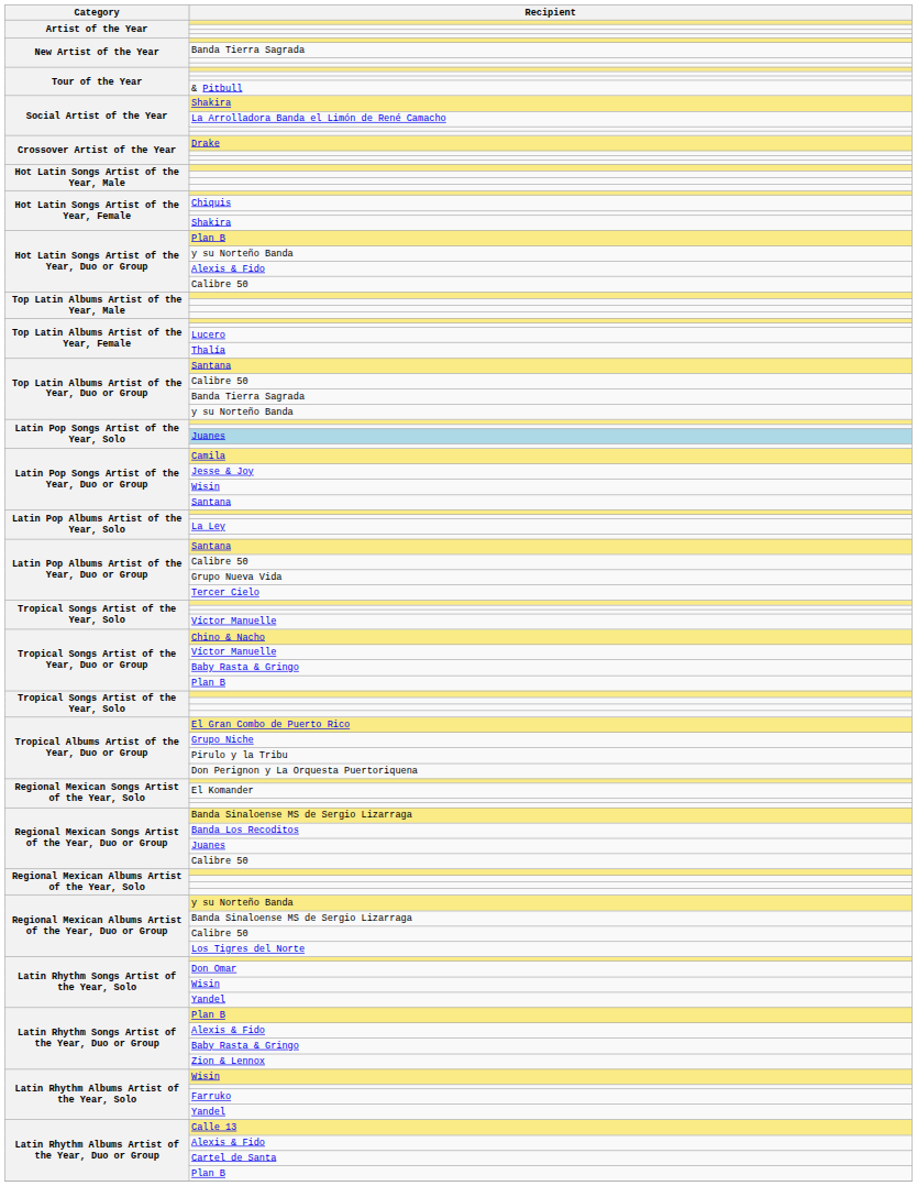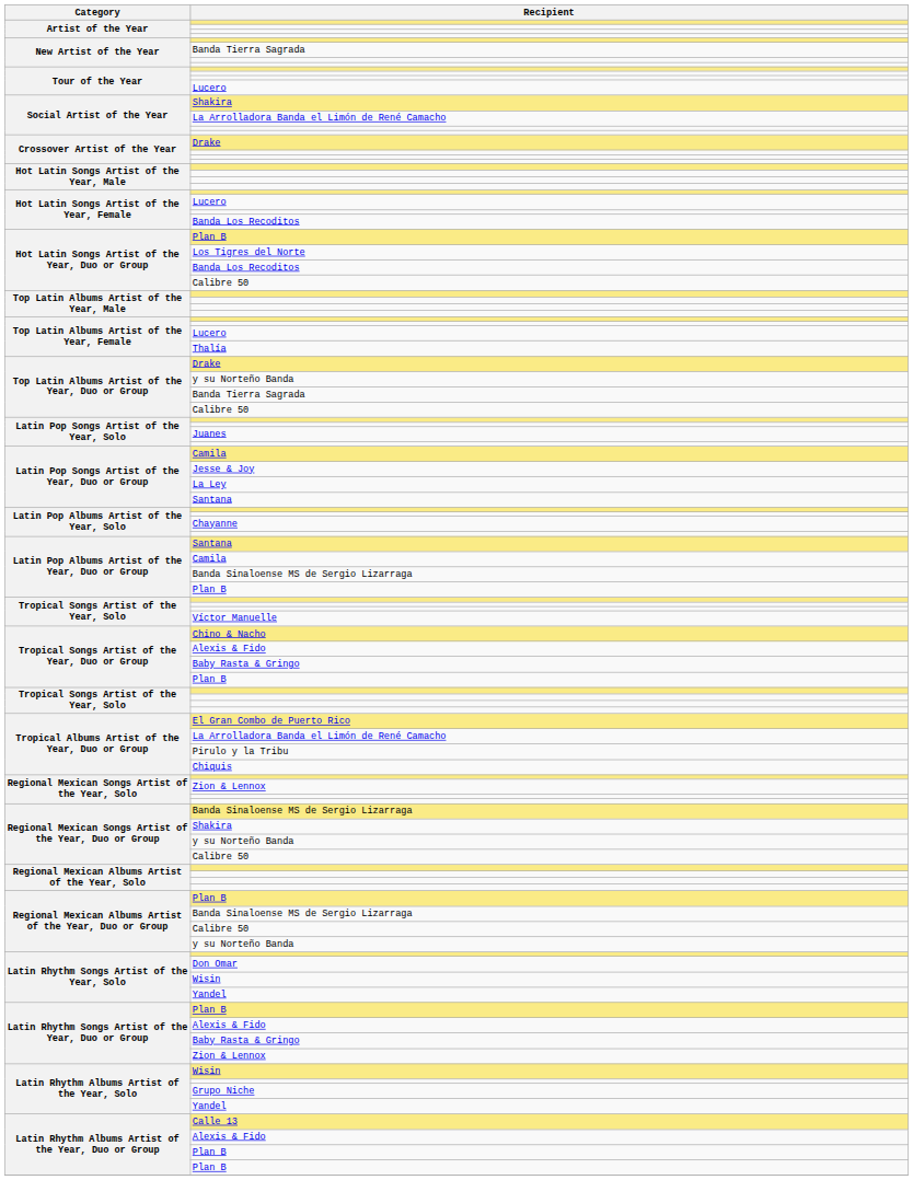 <table class="wikitable sortable">
 <tr style="background:#bebebe;">
 <th scope="col" style="width:1%;">Category</th>
 <th scope="col" style="width:5%;">Recipient</th>
 </tr>
 <tr>
 <th scope="row" rowspan=4 style="text-align:center">Artist of the Year</th>
 <td style="background:#FAEB86"></td>
 </tr>
 <tr>
 <td></td>
 </tr>
 <tr>
 <td></td>
 </tr>
 <tr>
 <td></td>
 </tr>
 <tr>
 <th scope="row" rowspan=4 style="text-align:center">New Artist of the Year</th>
 <td style="background:#FAEB86"></td>
 </tr>
 <tr>
 <td>Banda Tierra Sagrada</td>
 </tr>
 <tr>
 <td></td>
 </tr>
 <tr>
 <td></td>
 </tr>
 <tr>
 <th scope="row" rowspan=4 style="text-align:center">Tour of the Year</th>
 <td style="background:#FAEB86"></td>
 </tr>
 <tr>
 <td></td>
 </tr>
 <tr>
 <td></td>
 </tr>
 <tr>
-<td> & <a href='#'>Pitbull</a></td>
+<td><a href='#'>Lucero</a></td>
 </tr>
 <tr>
 <th scope="row" rowspan=4 style="text-align:center">Social Artist of the Year</th>
 <td style="background:#FAEB86"><a href='#'>Shakira</a></td>
 </tr>
 <tr>
 <td><a href='#'>La Arrolladora Banda el Limón de René Camacho</a></td>
 </tr>
 <tr>
 <td></td>
 </tr>
 <tr>
 <td></td>
 </tr>
 <tr>
 <th scope="row" rowspan=4 style="text-align:center">Crossover Artist of the Year</th>
 <td style="background:#FAEB86"><a href='#'>Drake</a></td>
 </tr>
 <tr>
 <td></td>
 </tr>
 <tr>
 <td></td>
 </tr>
 <tr>
 <td></td>
 </tr>
 <tr>
 <th scope="row" rowspan=4 style="text-align:center">Hot Latin Songs Artist of the Year, Male</th>
 <td style="background:#FAEB86"></td>
 </tr>
 <tr>
 <td></td>
 </tr>
 <tr>
 <td></td>
 </tr>
 <tr>
 <td></td>
 </tr>
 <tr>
 <th scope="row" rowspan=4 style="text-align:center">Hot Latin Songs Artist of the Year, Female</th>
 <td style="background:#FAEB86"></td>
 </tr>
 <tr>
-<td><a href='#'>Chiquis</a></td>
+<td><a href='#'>Lucero</a></td>
 </tr>
 <tr>
 <td></td>
 </tr>
 <tr>
-<td><a href='#'>Shakira</a></td>
+<td><a href='#'>Banda Los Recoditos</a></td>
 </tr>
 <tr>
 <th scope="row" rowspan=4 style="text-align:center">Hot Latin Songs Artist of the Year, Duo or Group</th>
 <td style="background:#FAEB86"><a href='#'>Plan B</a></td>
 </tr>
 <tr>
-<td> y su Norteño Banda</td>
+<td><a href='#'>Los Tigres del Norte</a></td>
 </tr>
 <tr>
-<td><a href='#'>Alexis & Fido</a></td>
+<td><a href='#'>Banda Los Recoditos</a></td>
 </tr>
 <tr>
 <td>Calibre 50</td>
 </tr>
 <tr>
 <th scope="row" rowspan=4 style="text-align:center">Top Latin Albums Artist of the Year, Male</th>
 <td style="background:#FAEB86"></td>
 </tr>
 <tr>
 <td></td>
 </tr>
 <tr>
 <td></td>
 </tr>
 <tr>
 <td></td>
 </tr>
 <tr>
 <th scope="row" rowspan=4 style="text-align:center">Top Latin Albums Artist of the Year, Female</th>
 <td style="background:#FAEB86"></td>
 </tr>
 <tr>
 <td></td>
 </tr>
 <tr>
 <td><a href='#'>Lucero</a></td>
 </tr>
 <tr>
 <td><a href='#'>Thalía</a></td>
 </tr>
 <tr>
 <th scope="row" rowspan=4 style="text-align:center">Top Latin Albums Artist of the Year, Duo or Group</th>
-<td style="background:#FAEB86"><a href='#'>Santana</a></td>
+<td style="background:#FAEB86"><a href='#'>Drake</a></td>
 </tr>
 <tr>
-<td>Calibre 50</td>
+<td> y su Norteño Banda</td>
 </tr>
 <tr>
 <td>Banda Tierra Sagrada</td>
 </tr>
 <tr>
-<td> y su Norteño Banda</td>
+<td>Calibre 50</td>
 </tr>
 <tr>
 <th scope="row" rowspan=4 style="text-align:center">Latin Pop Songs Artist of the Year, Solo</th>
 <td style="background:#FAEB86"></td>
 </tr>
 <tr>
 <td></td>
 </tr>
 <tr>
-<td style="background: lightblue;"><a href='#'>Juanes</a></td>
+<td><a href='#'>Juanes</a></td>
 </tr>
 <tr>
 <td></td>
 </tr>
 <tr>
 <th scope="row" rowspan=4 style="text-align:center">Latin Pop Songs Artist of the Year, Duo or Group</th>
 <td style="background:#FAEB86"><a href='#'>Camila</a></td>
 </tr>
 <tr>
 <td><a href='#'>Jesse & Joy</a></td>
 </tr>
 <tr>
-<td><a href='#'>Wisin</a></td>
+<td><a href='#'>La Ley</a></td>
 </tr>
 <tr>
 <td><a href='#'>Santana</a></td>
 </tr>
 <tr>
 <th scope="row" rowspan=4 style="text-align:center">Latin Pop Albums Artist of the Year, Solo</th>
 <td style="background:#FAEB86"></td>
 </tr>
 <tr>
 <td></td>
 </tr>
 <tr>
-<td><a href='#'>La Ley</a></td>
+<td><a href='#'>Chayanne</a></td>
 </tr>
 <tr>
 <td></td>
 </tr>
 <tr>
 <th scope="row" rowspan=4 style="text-align:center">Latin Pop Albums Artist of the Year, Duo or Group</th>
 <td style="background:#FAEB86"><a href='#'>Santana</a></td>
 </tr>
 <tr>
-<td>Calibre 50</td>
+<td><a href='#'>Camila</a></td>
 </tr>
 <tr>
-<td>Grupo Nueva Vida</td>
+<td>Banda Sinaloense MS de Sergio Lizarraga</td>
 </tr>
 <tr>
-<td><a href='#'>Tercer Cielo</a></td>
+<td><a href='#'>Plan B</a></td>
 </tr>
 <tr>
 <th scope="row" rowspan=4 style="text-align:center">Tropical Songs Artist of the Year, Solo</th>
 <td style="background:#FAEB86"></td>
 </tr>
 <tr>
 <td></td>
 </tr>
 <tr>
 <td></td>
 </tr>
 <tr>
 <td><a href='#'>Víctor Manuelle</a></td>
 </tr>
 <tr>
 <th scope="row" rowspan=4 style="text-align:center">Tropical Songs Artist of the Year, Duo or Group</th>
 <td style="background:#FAEB86"><a href='#'>Chino & Nacho</a></td>
 </tr>
 <tr>
-<td><a href='#'>Víctor Manuelle</a></td>
+<td><a href='#'>Alexis & Fido</a></td>
 </tr>
 <tr>
 <td><a href='#'>Baby Rasta & Gringo</a></td>
 </tr>
 <tr>
 <td><a href='#'>Plan B</a></td>
 </tr>
 <tr>
 <th scope="row" rowspan=4 style="text-align:center">Tropical Songs Artist of the Year, Solo</th>
 <td style="background:#FAEB86"></td>
 </tr>
 <tr>
 <td></td>
 </tr>
 <tr>
 <td></td>
 </tr>
 <tr>
 <td></td>
 </tr>
 <tr>
 <th scope="row" rowspan=4 style="text-align:center">Tropical Albums Artist of the Year, Duo or Group</th>
 <td style="background:#FAEB86"><a href='#'>El Gran Combo de Puerto Rico</a></td>
 </tr>
 <tr>
-<td><a href='#'>Grupo Niche</a></td>
+<td><a href='#'>La Arrolladora Banda el Limón de René Camacho</a></td>
 </tr>
 <tr>
 <td>Pirulo y la Tribu</td>
 </tr>
 <tr>
-<td>Don Perignon y La Orquesta Puertoriquena</td>
+<td><a href='#'>Chiquis</a></td>
 </tr>
 <tr>
 <th scope="row" rowspan=4 style="text-align:center">Regional Mexican Songs Artist of the Year, Solo</th>
 <td style="background:#FAEB86"></td>
 </tr>
 <tr>
-<td>El Komander</td>
+<td><a href='#'>Zion & Lennox</a></td>
 </tr>
 <tr>
 <td></td>
 </tr>
 <tr>
 <td></td>
 </tr>
 <tr>
 <th scope="row" rowspan=4 style="text-align:center">Regional Mexican Songs Artist of the Year, Duo or Group</th>
 <td style="background:#FAEB86">Banda Sinaloense MS de Sergio Lizarraga</td>
 </tr>
 <tr>
-<td><a href='#'>Banda Los Recoditos</a></td>
+<td><a href='#'>Shakira</a></td>
 </tr>
 <tr>
-<td><a href='#'>Juanes</a></td>
+<td> y su Norteño Banda</td>
 </tr>
 <tr>
 <td>Calibre 50</td>
 </tr>
 <tr>
 <th scope="row" rowspan=4 style="text-align:center">Regional Mexican Albums Artist of the Year, Solo</th>
 <td style="background:#FAEB86"></td>
 </tr>
 <tr>
 <td></td>
 </tr>
 <tr>
 <td></td>
 </tr>
 <tr>
 <td></td>
 </tr>
 <tr>
 <th scope="row" rowspan=4 style="text-align:center">Regional Mexican Albums Artist of the Year, Duo or Group</th>
-<td style="background:#FAEB86"> y su Norteño Banda</td>
+<td style="background:#FAEB86"><a href='#'>Plan B</a></td>
 </tr>
 <tr>
 <td>Banda Sinaloense MS de Sergio Lizarraga</td>
 </tr>
 <tr>
 <td>Calibre 50</td>
 </tr>
 <tr>
-<td><a href='#'>Los Tigres del Norte</a></td>
+<td> y su Norteño Banda</td>
 </tr>
 <tr>
 <th scope="row" rowspan=4 style="text-align:center">Latin Rhythm Songs Artist of the Year, Solo</th>
 <td style="background:#FAEB86"></td>
 </tr>
 <tr>
 <td><a href='#'>Don Omar</a></td>
 </tr>
 <tr>
 <td><a href='#'>Wisin</a></td>
 </tr>
 <tr>
 <td><a href='#'>Yandel</a></td>
 </tr>
 <tr>
 <th scope="row" rowspan=4 style="text-align:center">Latin Rhythm Songs Artist of the Year, Duo or Group</th>
 <td style="background:#FAEB86"><a href='#'>Plan B</a></td>
 </tr>
 <tr>
 <td><a href='#'>Alexis & Fido</a></td>
 </tr>
 <tr>
 <td><a href='#'>Baby Rasta & Gringo</a></td>
 </tr>
 <tr>
 <td><a href='#'>Zion & Lennox</a></td>
 </tr>
 <tr>
 <th scope="row" rowspan=4 style="text-align:center">Latin Rhythm Albums Artist of the Year, Solo</th>
 <td style="background:#FAEB86"><a href='#'>Wisin</a></td>
 </tr>
 <tr>
 <td></td>
 </tr>
 <tr>
-<td><a href='#'>Farruko</a></td>
+<td><a href='#'>Grupo Niche</a></td>
 </tr>
 <tr>
 <td><a href='#'>Yandel</a></td>
 </tr>
 <tr>
 <th scope="row" rowspan=4 style="text-align:center">Latin Rhythm Albums Artist of the Year, Duo or Group</th>
 <td style="background:#FAEB86"><a href='#'>Calle 13</a></td>
 </tr>
 <tr>
 <td><a href='#'>Alexis & Fido</a></td>
 </tr>
 <tr>
-<td><a href='#'>Cartel de Santa</a></td>
+<td><a href='#'>Plan B</a></td>
 </tr>
 <tr>
 <td><a href='#'>Plan B</a></td>
 </tr>
 <tr>
 </tr>
 </table>
